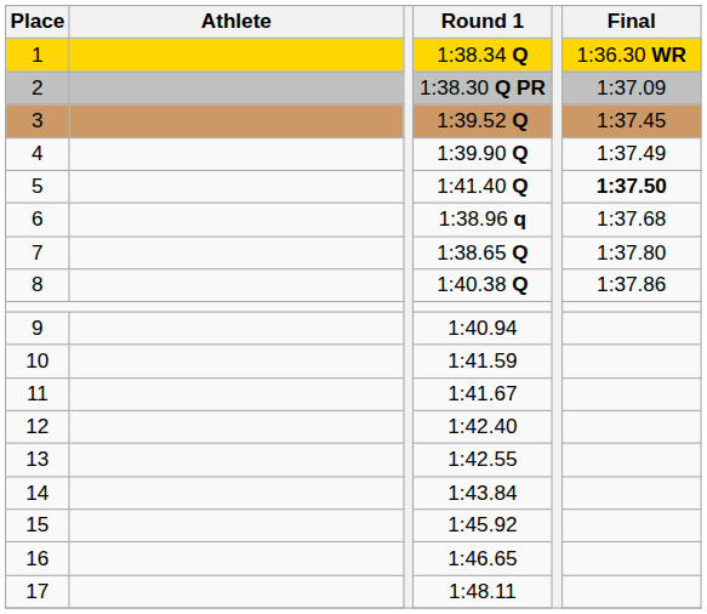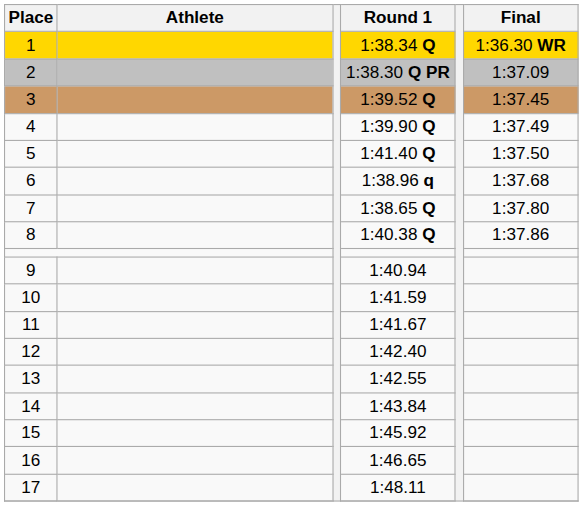 <table class="wikitable" style="text-align:center">
 <tr>
 <th>Place</th>
 <th width=250>Athlete</th>
 <th rowspan=31></th>
 <th width=100>Round 1</th>
 <th rowspan=31></th>
 <th width=100>Final</th>
 </tr>
 <tr bgcolor=gold>
 <td>1</td>
 <td align=left></td>
 <td>1:38.34 <strong>Q</strong></td>
 <td>1:36.30 <strong>WR</strong></td>
 </tr>
 <tr bgcolor=silver>
 <td>2</td>
 <td align=left></td>
 <td>1:38.30 <strong>Q PR</strong></td>
 <td>1:37.09</td>
 </tr>
 <tr bgcolor=cc9966>
 <td>3</td>
 <td align=left></td>
 <td>1:39.52 <strong>Q</strong></td>
 <td>1:37.45</td>
 </tr>
 <tr>
 <td>4</td>
 <td align=left></td>
 <td>1:39.90 <strong>Q</strong></td>
 <td>1:37.49</td>
 </tr>
 <tr>
 <td>5</td>
 <td align=left></td>
 <td>1:41.40 <strong>Q</strong></td>
-<td><strong>1:37.50</strong></td>
+<td>1:37.50</td>
 </tr>
 <tr>
 <td>6</td>
 <td align=left></td>
 <td>1:38.96 <strong>q</strong></td>
 <td>1:37.68</td>
 </tr>
 <tr>
 <td>7</td>
 <td align=left></td>
 <td>1:38.65 <strong>Q</strong></td>
 <td>1:37.80</td>
 </tr>
 <tr>
 <td>8</td>
 <td align=left></td>
 <td>1:40.38 <strong>Q</strong></td>
 <td>1:37.86</td>
 </tr>
 <tr>
 <td colspan=10></td>
 </tr>
 <tr>
 <td>9</td>
 <td align=left></td>
 <td>1:40.94</td>
 <td></td>
 </tr>
 <tr>
 <td>10</td>
 <td align=left></td>
 <td>1:41.59</td>
 <td></td>
 </tr>
 <tr>
 <td>11</td>
 <td align=left></td>
 <td>1:41.67</td>
 <td></td>
 </tr>
 <tr>
 <td>12</td>
 <td align=left></td>
 <td>1:42.40</td>
 <td></td>
 </tr>
 <tr>
 <td>13</td>
 <td align=left></td>
 <td>1:42.55</td>
 <td></td>
 </tr>
 <tr>
 <td>14</td>
 <td align=left></td>
 <td>1:43.84</td>
 <td></td>
 </tr>
 <tr>
 <td>15</td>
 <td align=left></td>
 <td>1:45.92</td>
 <td></td>
 </tr>
 <tr>
 <td>16</td>
 <td align=left></td>
 <td>1:46.65</td>
 <td></td>
 </tr>
 <tr>
 <td>17</td>
 <td align=left></td>
 <td>1:48.11</td>
 <td></td>
 </tr>
 <tr>
 </tr>
 </table>
